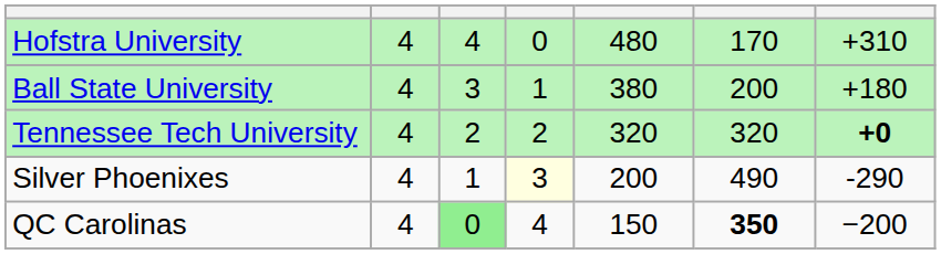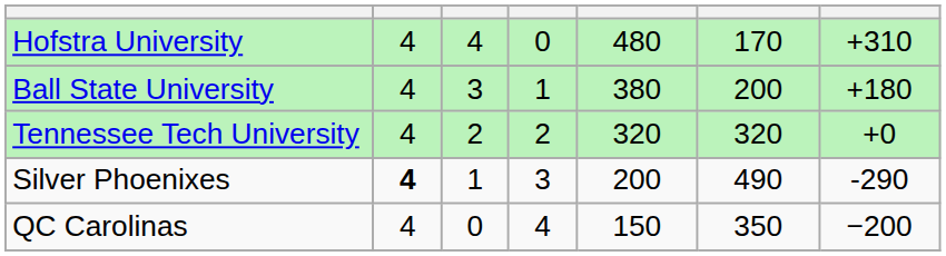 <table class="wikitable" style="text-align: center; font-size: 85%;">
 <tr>
 <th width=165></th>
 <th width=25></th>
 <th width=25></th>
 <th width=25></th>
 <th width=50></th>
 <th width=50></th>
 <th width=50></th>
 </tr>
 <tr style="background:#BBF3BB;">
 <td style="text-align:left;"><a href='#'>Hofstra University</a></td>
 <td>4</td>
 <td>4</td>
 <td>0</td>
 <td>480</td>
 <td>170</td>
 <td>+310</td>
 </tr>
 <tr style="background:#BBF3BB;">
 <td style="text-align:left;"><a href='#'>Ball State University</a></td>
 <td>4</td>
 <td>3</td>
 <td>1</td>
 <td>380</td>
 <td>200</td>
 <td>+180</td>
 </tr>
 <tr style="background:#BBF3BB;">
 <td style="text-align:left;"><a href='#'>Tennessee Tech University</a></td>
 <td>4</td>
 <td>2</td>
 <td>2</td>
 <td>320</td>
 <td>320</td>
-<td><strong>+0</strong></td>
+<td>+0</td>
 </tr>
 <tr>
 <td style="text-align:left;">Silver Phoenixes</td>
-<td>4</td>
+<td><strong>4</strong></td>
 <td>1</td>
-<td style="background: lightyellow;">3</td>
+<td>3</td>
 <td>200</td>
 <td>490</td>
 <td>-290</td>
 </tr>
 <tr>
 <td style="text-align:left;">QC Carolinas</td>
 <td>4</td>
-<td style="background: lightgreen;">0</td>
+<td>0</td>
 <td>4</td>
 <td>150</td>
-<td><strong>350</strong></td>
+<td>350</td>
 <td>−200</td>
 </tr>
 </table>
